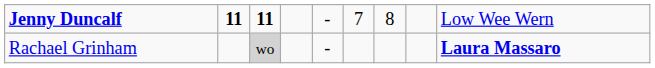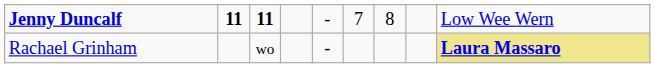 <table class="wikitable">
 <tr>
 <td width=180> <strong><a href='#'>Jenny Duncalf</a></strong></td>
 <td style="width:20px; text-align:center;"><strong>11</strong></td>
 <td style="width:20px; text-align:center;"><strong>11</strong></td>
 <td style="width:20px; text-align:center;"></td>
 <td style="width:20px; text-align:center;">-</td>
 <td style="width:20px; text-align:center;">7</td>
 <td style="width:20px; text-align:center;">8</td>
 <td style="width:20px; text-align:center;"></td>
 <td width=180> <a href='#'>Low Wee Wern</a></td>
 </tr>
 <tr>
 <td> <a href='#'>Rachael Grinham</a></td>
 <td style="text-align:center;"></td>
-<td style="background: lightgrey; text-align:center;"><small>wo</small></td>
+<td style="text-align:center;"><small>wo</small></td>
 <td style="text-align:center;"></td>
 <td style="text-align:center;">-</td>
 <td style="text-align:center;"></td>
 <td style="text-align:center;"></td>
 <td style="text-align:center;"></td>
-<td> <strong><a href='#'>Laura Massaro</a></strong></td>
+<td style="background: khaki;"> <strong><a href='#'>Laura Massaro</a></strong></td>
 </tr>
 </table>
